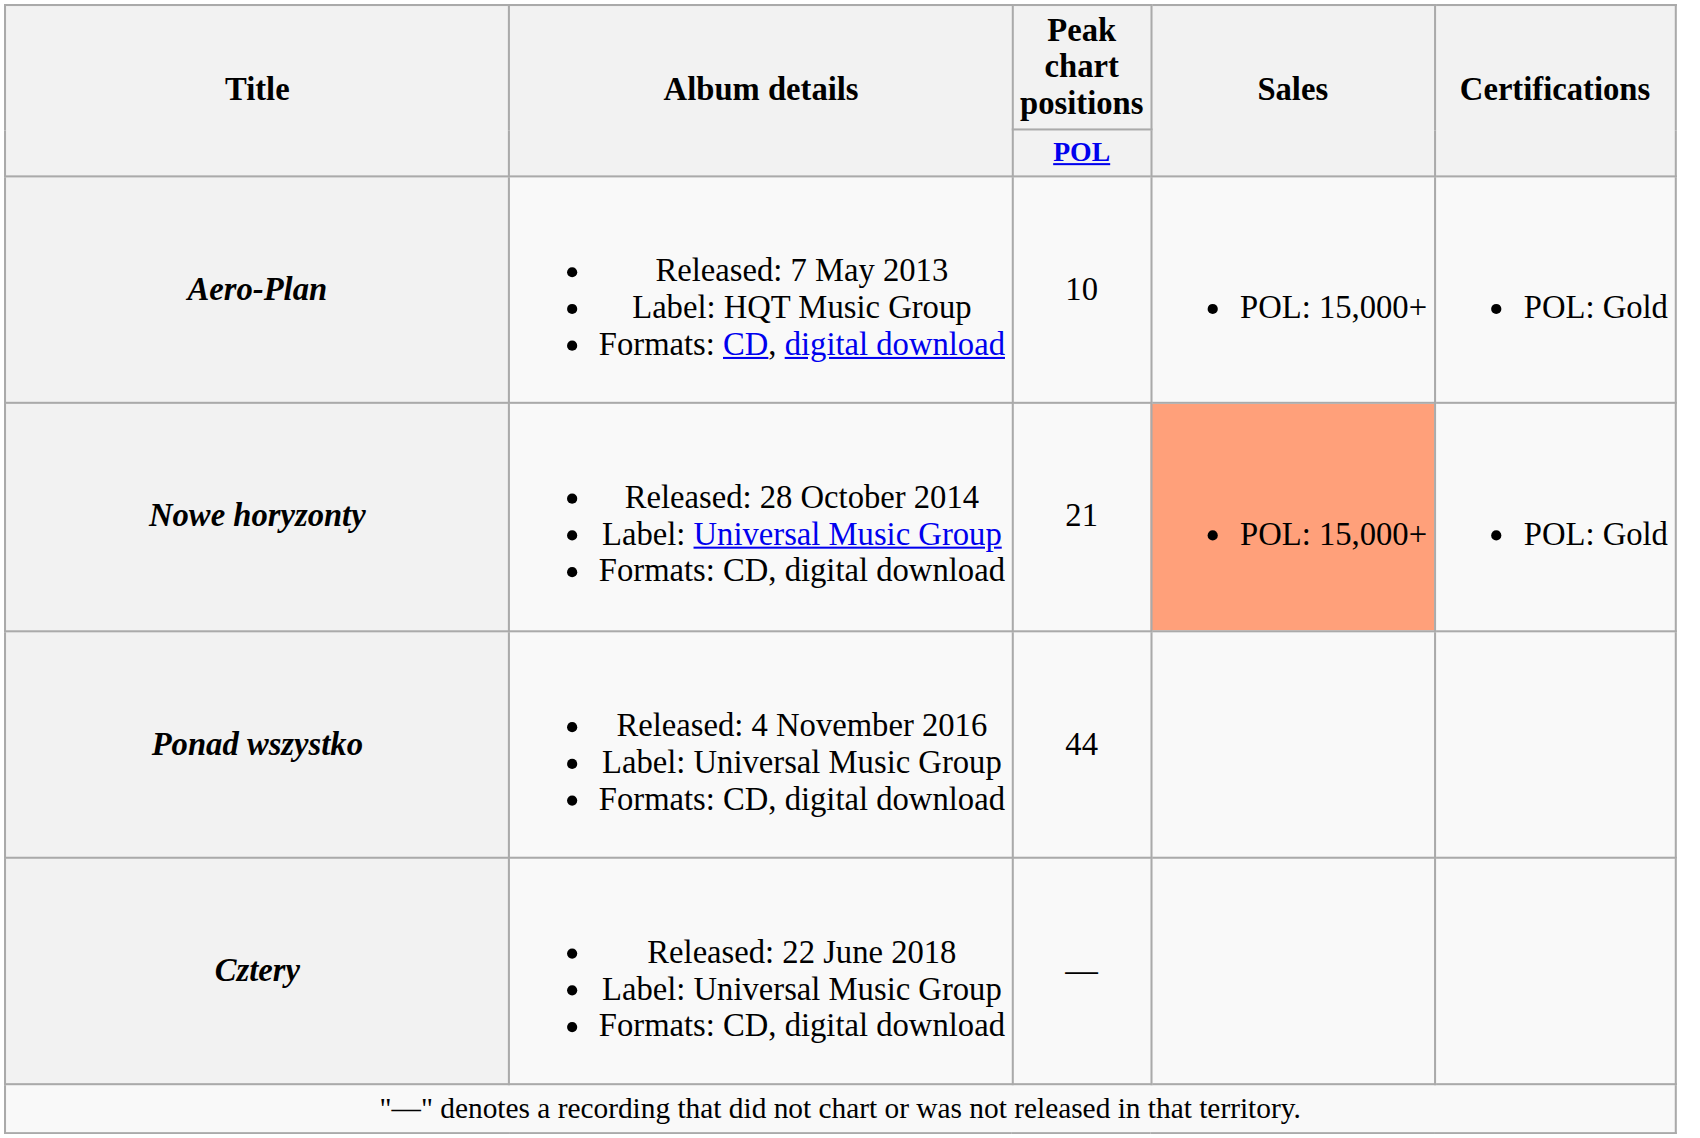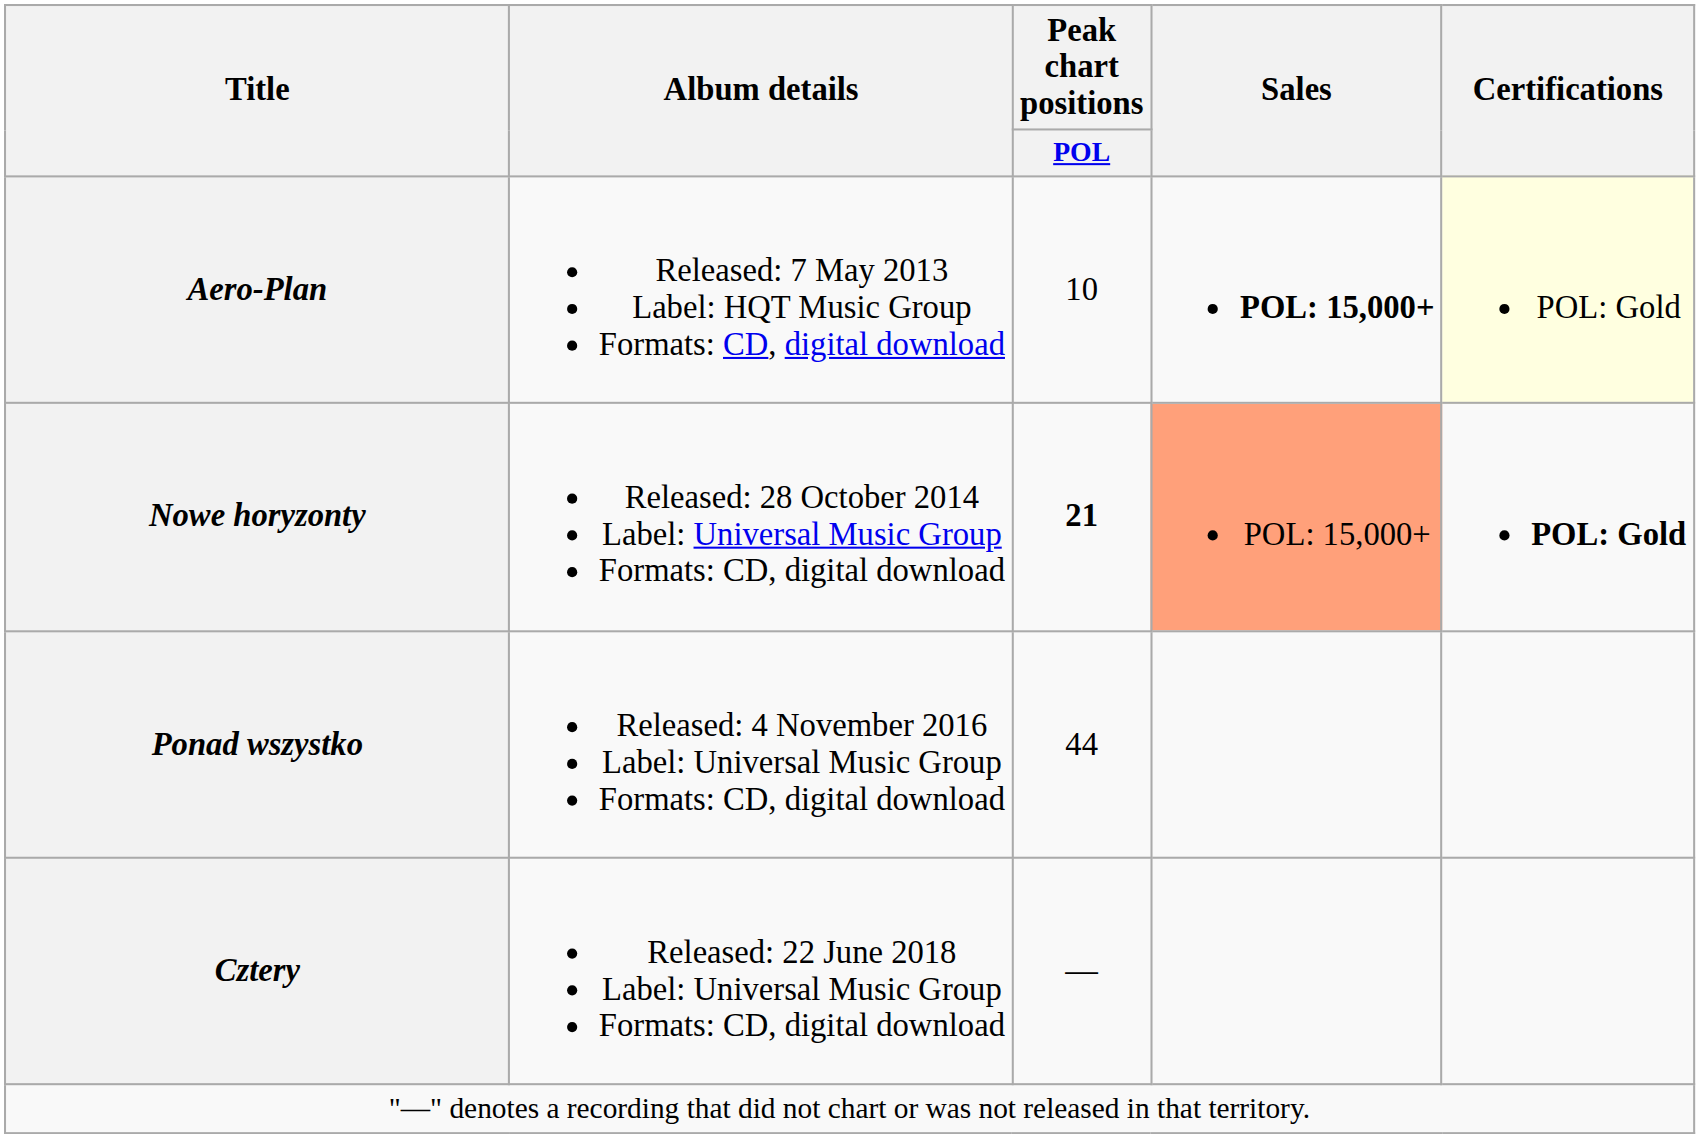 <table class="wikitable plainrowheaders" style="text-align:center;">
 <tr>
 <th scope="col" rowspan="2" style="width:15em;">Title</th>
 <th scope="col" rowspan="2">Album details</th>
 <th scope="col" colspan="1">Peak chart positions</th>
 <th scope="col" rowspan="2">Sales</th>
 <th scope="col" rowspan="2">Certifications</th>
 </tr>
 <tr>
 <th scope="col" style="width:3em;font-size:85%;"><a href='#'>POL</a></th>
 </tr>
 <tr>
 <th scope="row"><em>Aero-Plan</em></th>
 <td><br><ul><li>Released: 7 May 2013</li><li>Label: HQT Music Group</li><li>Formats: <a href='#'>CD</a>, <a href='#'>digital download</a></li></ul></td>
 <td>10</td>
-<td><br><ul><li>POL: 15,000+</li></ul></td>
-<td><br><ul><li>POL: Gold</li></ul></td>
+<td><strong><br><ul><li>POL: 15,000+</li></ul></strong></td>
+<td style="background: lightyellow;"><br><ul><li>POL: Gold</li></ul></td>
 </tr>
 <tr>
 <th scope="row"><em>Nowe horyzonty</em></th>
 <td><br><ul><li>Released: 28 October 2014</li><li>Label: <a href='#'>Universal Music Group</a></li><li>Formats: CD, digital download</li></ul></td>
-<td>21</td>
+<td><strong>21</strong></td>
 <td style="background: lightsalmon;"><br><ul><li>POL: 15,000+</li></ul></td>
-<td><br><ul><li>POL: Gold</li></ul></td>
+<td><strong><br><ul><li>POL: Gold</li></ul></strong></td>
 </tr>
 <tr>
 <th scope="row"><em>Ponad wszystko</em></th>
 <td><br><ul><li>Released: 4 November 2016</li><li>Label: Universal Music Group</li><li>Formats: CD, digital download</li></ul></td>
 <td>44</td>
 <td></td>
 <td></td>
 </tr>
 <tr>
 <th scope="row"><em>Cztery</em></th>
 <td><br><ul><li>Released: 22 June 2018</li><li>Label: Universal Music Group</li><li>Formats: CD, digital download</li></ul></td>
 <td>—</td>
 <td></td>
 <td></td>
 </tr>
 <tr>
 <td colspan="20" style="font-size:90%">"—" denotes a recording that did not chart or was not released in that territory.</td>
 </tr>
 </table>
